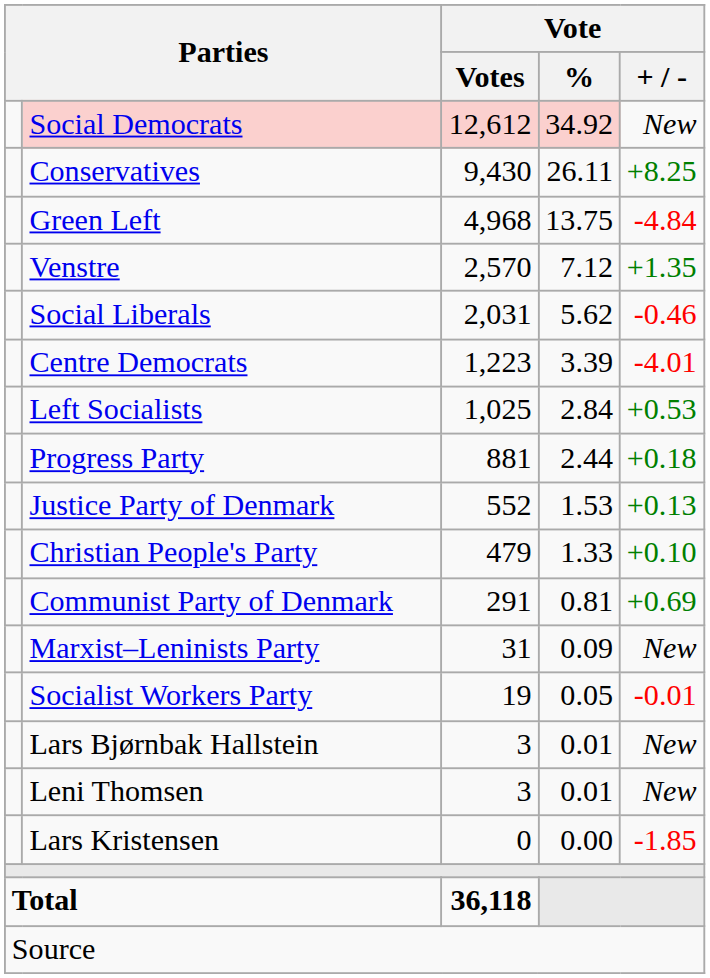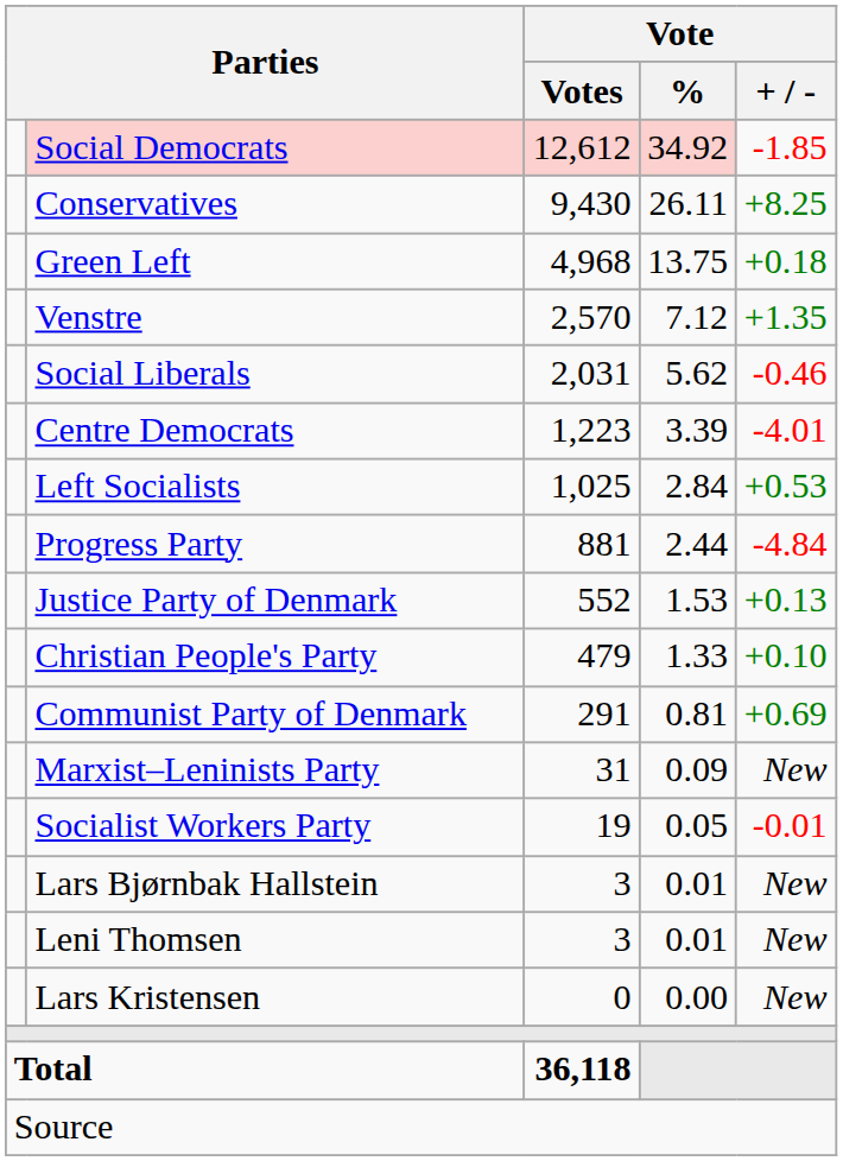 <table class="wikitable" style="text-align:right;">
 <tr>
 <th style="text-align:centre;" rowspan="2" colspan="2" width="225">Parties</th>
 <th colspan="3">Vote</th>
 </tr>
 <tr>
 <th width="15">Votes</th>
 <th width="15">%</th>
 <th width="15">+ / -</th>
 </tr>
 <tr>
 <td width="2" style="color:inherit;background:"></td>
 <td bgcolor=#fbd0ce  align="left"><a href='#'>Social Democrats</a></td>
 <td bgcolor=#fbd0ce>12,612</td>
 <td bgcolor=#fbd0ce>34.92</td>
-<td><em>New</em></td>
+<td style=color:red;>-1.85</td>
 </tr>
 <tr>
 <td width="2" style="color:inherit;background:"></td>
 <td align="left"><a href='#'>Conservatives</a></td>
 <td>9,430</td>
 <td>26.11</td>
 <td style=color:green;>+8.25</td>
 </tr>
 <tr>
 <td width="2" style="color:inherit;background:"></td>
 <td align="left"><a href='#'>Green Left</a></td>
 <td>4,968</td>
 <td>13.75</td>
-<td style=color:red;>-4.84</td>
+<td style=color:green;>+0.18</td>
 </tr>
 <tr>
 <td width="2" style="color:inherit;background:"></td>
 <td align="left"><a href='#'>Venstre</a></td>
 <td>2,570</td>
 <td>7.12</td>
 <td style=color:green;>+1.35</td>
 </tr>
 <tr>
 <td width="2" style="color:inherit;background:"></td>
 <td align="left"><a href='#'>Social Liberals</a></td>
 <td>2,031</td>
 <td>5.62</td>
 <td style=color:red;>-0.46</td>
 </tr>
 <tr>
 <td width="2" style="color:inherit;background:"></td>
 <td align="left"><a href='#'>Centre Democrats</a></td>
 <td>1,223</td>
 <td>3.39</td>
 <td style=color:red;>-4.01</td>
 </tr>
 <tr>
 <td width="2" style="color:inherit;background:"></td>
 <td align="left"><a href='#'>Left Socialists</a></td>
 <td>1,025</td>
 <td>2.84</td>
 <td style=color:green;>+0.53</td>
 </tr>
 <tr>
 <td width="2" style="color:inherit;background:"></td>
 <td align="left"><a href='#'>Progress Party</a></td>
 <td>881</td>
 <td>2.44</td>
-<td style=color:green;>+0.18</td>
+<td style=color:red;>-4.84</td>
 </tr>
 <tr>
 <td width="2" style="color:inherit;background:"></td>
 <td align="left"><a href='#'>Justice Party of Denmark</a></td>
 <td>552</td>
 <td>1.53</td>
 <td style=color:green;>+0.13</td>
 </tr>
 <tr>
 <td width="2" style="color:inherit;background:"></td>
 <td align="left"><a href='#'>Christian People's Party</a></td>
 <td>479</td>
 <td>1.33</td>
 <td style=color:green;>+0.10</td>
 </tr>
 <tr>
 <td width="2" style="color:inherit;background:"></td>
 <td align="left"><a href='#'>Communist Party of Denmark</a></td>
 <td>291</td>
 <td>0.81</td>
 <td style=color:green;>+0.69</td>
 </tr>
 <tr>
 <td width="2" style="color:inherit;background:"></td>
 <td align="left"><a href='#'>Marxist–Leninists Party</a></td>
 <td>31</td>
 <td>0.09</td>
 <td><em>New</em></td>
 </tr>
 <tr>
 <td width="2" style="color:inherit;background:"></td>
 <td align="left"><a href='#'>Socialist Workers Party</a></td>
 <td>19</td>
 <td>0.05</td>
 <td style=color:red;>-0.01</td>
 </tr>
 <tr>
 <td width="2" style="color:inherit;background:"></td>
 <td align="left">Lars Bjørnbak Hallstein</td>
 <td>3</td>
 <td>0.01</td>
 <td><em>New</em></td>
 </tr>
 <tr>
 <td width="2" style="color:inherit;background:"></td>
 <td align="left">Leni Thomsen</td>
 <td>3</td>
 <td>0.01</td>
 <td><em>New</em></td>
 </tr>
 <tr>
 <td width="2" style="color:inherit;background:"></td>
 <td align="left">Lars Kristensen</td>
 <td>0</td>
 <td>0.00</td>
-<td style=color:red;>-1.85</td>
+<td><em>New</em></td>
 </tr>
 <tr>
 <td colspan="7" bgcolor="#E9E9E9"></td>
 </tr>
 <tr>
 <td align="left" colspan="2"><strong>Total</strong></td>
 <td><strong>36,118</strong></td>
 <td bgcolor="#E9E9E9" colspan="2"></td>
 </tr>
 <tr>
 <td align="left" colspan="6">Source</td>
 </tr>
 </table>
